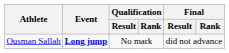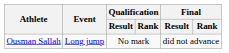 <table class=wikitable style=font-size:90%>
 <tr>
 <th rowspan=2>Athlete</th>
 <th rowspan=2>Event</th>
 <th colspan=2>Qualification</th>
 <th colspan=2>Final</th>
 </tr>
 <tr>
 <th>Result</th>
 <th>Rank</th>
 <th>Result</th>
 <th>Rank</th>
 </tr>
 <tr>
 <td><a href='#'>Ousman Sallah</a></td>
-<td><strong><a href='#'>Long jump</a></strong></td>
+<td><a href='#'>Long jump</a></td>
 <td align=center colspan=2>No mark</td>
 <td align=center colspan=2>did not advance</td>
 </tr>
 </table>
